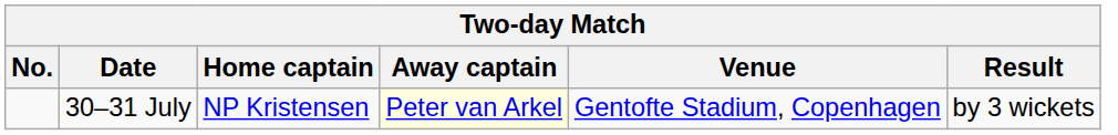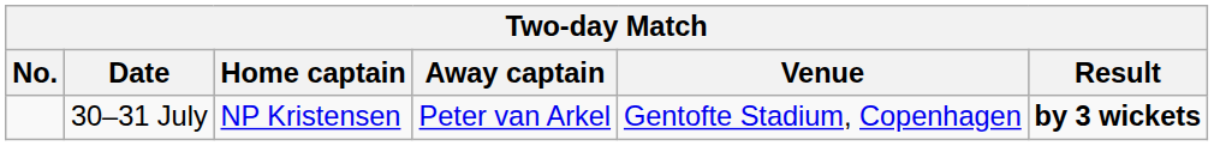 <table class="wikitable">
 <tr>
 <th colspan="9">Two-day Match</th>
 </tr>
 <tr>
 <th>No.</th>
 <th>Date</th>
 <th>Home captain</th>
 <th>Away captain</th>
 <th>Venue</th>
 <th>Result</th>
 </tr>
 <tr>
 <td></td>
 <td>30–31 July</td>
 <td><a href='#'>NP Kristensen</a></td>
-<td style="background: lightyellow;"><a href='#'>Peter van Arkel</a></td>
+<td><a href='#'>Peter van Arkel</a></td>
 <td><a href='#'>Gentofte Stadium</a>, <a href='#'>Copenhagen</a></td>
-<td> by 3 wickets</td>
+<td><strong> by 3 wickets</strong></td>
 </tr>
 </table>
